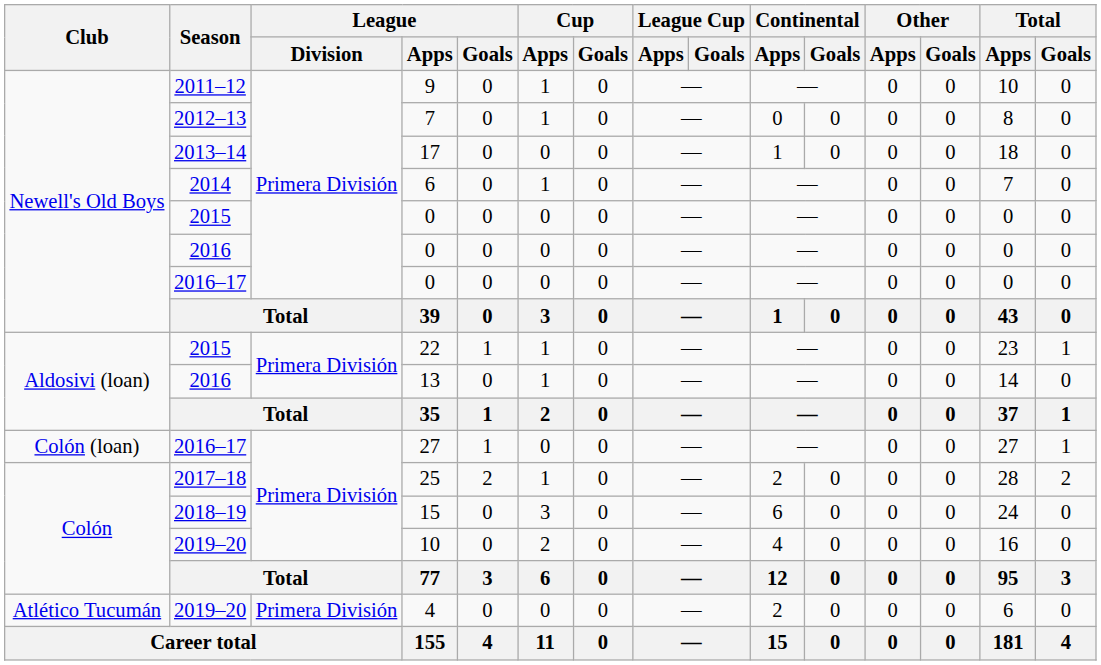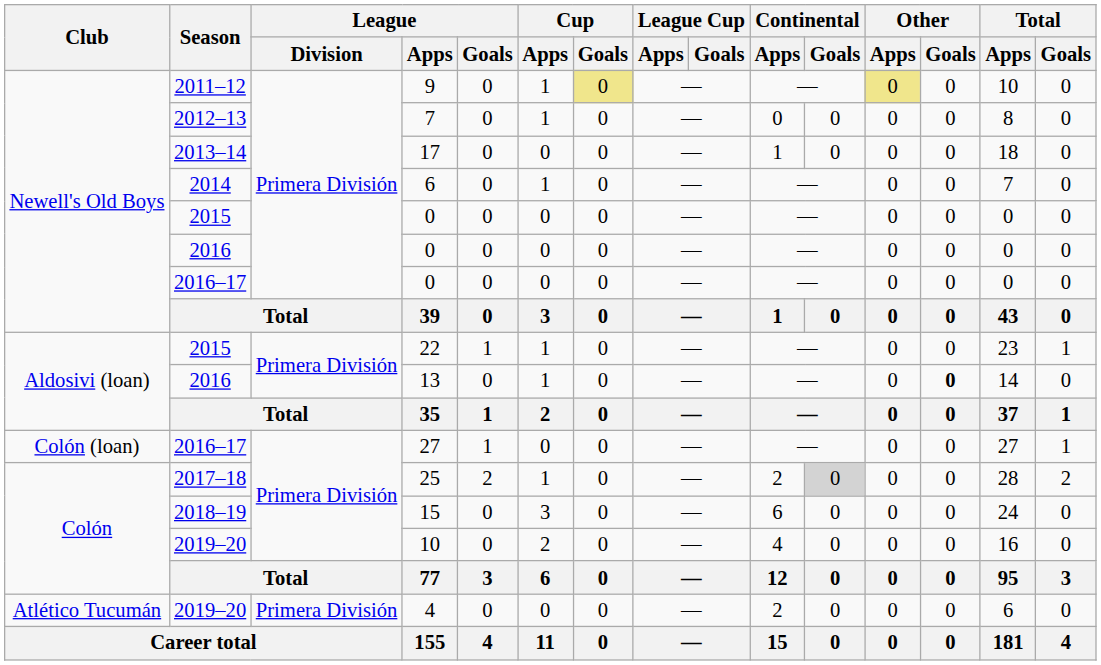 <table class="wikitable" style="text-align:center">
 <tr>
 <th rowspan="2">Club</th>
 <th rowspan="2">Season</th>
 <th colspan="3">League</th>
 <th colspan="2">Cup</th>
 <th colspan="2">League Cup</th>
 <th colspan="2">Continental</th>
 <th colspan="2">Other</th>
 <th colspan="2">Total</th>
 </tr>
 <tr>
 <th>Division</th>
 <th>Apps</th>
 <th>Goals</th>
 <th>Apps</th>
 <th>Goals</th>
 <th>Apps</th>
 <th>Goals</th>
 <th>Apps</th>
 <th>Goals</th>
 <th>Apps</th>
 <th>Goals</th>
 <th>Apps</th>
 <th>Goals</th>
 </tr>
 <tr>
 <td rowspan="8"><a href='#'>Newell's Old Boys</a></td>
 <td><a href='#'>2011–12</a></td>
 <td rowspan="7"><a href='#'>Primera División</a></td>
 <td>9</td>
 <td>0</td>
 <td>1</td>
-<td>0</td>
+<td style="background: khaki;">0</td>
 <td colspan="2">—</td>
 <td colspan="2">—</td>
-<td>0</td>
+<td style="background: khaki;">0</td>
 <td>0</td>
 <td>10</td>
 <td>0</td>
 </tr>
 <tr>
 <td><a href='#'>2012–13</a></td>
 <td>7</td>
 <td>0</td>
 <td>1</td>
 <td>0</td>
 <td colspan="2">—</td>
 <td>0</td>
 <td>0</td>
 <td>0</td>
 <td>0</td>
 <td>8</td>
 <td>0</td>
 </tr>
 <tr>
 <td><a href='#'>2013–14</a></td>
 <td>17</td>
 <td>0</td>
 <td>0</td>
 <td>0</td>
 <td colspan="2">—</td>
 <td>1</td>
 <td>0</td>
 <td>0</td>
 <td>0</td>
 <td>18</td>
 <td>0</td>
 </tr>
 <tr>
 <td><a href='#'>2014</a></td>
 <td>6</td>
 <td>0</td>
 <td>1</td>
 <td>0</td>
 <td colspan="2">—</td>
 <td colspan="2">—</td>
 <td>0</td>
 <td>0</td>
 <td>7</td>
 <td>0</td>
 </tr>
 <tr>
 <td><a href='#'>2015</a></td>
 <td>0</td>
 <td>0</td>
 <td>0</td>
 <td>0</td>
 <td colspan="2">—</td>
 <td colspan="2">—</td>
 <td>0</td>
 <td>0</td>
 <td>0</td>
 <td>0</td>
 </tr>
 <tr>
 <td><a href='#'>2016</a></td>
 <td>0</td>
 <td>0</td>
 <td>0</td>
 <td>0</td>
 <td colspan="2">—</td>
 <td colspan="2">—</td>
 <td>0</td>
 <td>0</td>
 <td>0</td>
 <td>0</td>
 </tr>
 <tr>
 <td><a href='#'>2016–17</a></td>
 <td>0</td>
 <td>0</td>
 <td>0</td>
 <td>0</td>
 <td colspan="2">—</td>
 <td colspan="2">—</td>
 <td>0</td>
 <td>0</td>
 <td>0</td>
 <td>0</td>
 </tr>
 <tr>
 <th colspan="2">Total</th>
 <th>39</th>
 <th>0</th>
 <th>3</th>
 <th>0</th>
 <th colspan="2">—</th>
 <th>1</th>
 <th>0</th>
 <th>0</th>
 <th>0</th>
 <th>43</th>
 <th>0</th>
 </tr>
 <tr>
 <td rowspan="3"><a href='#'>Aldosivi</a> (loan)</td>
 <td><a href='#'>2015</a></td>
 <td rowspan="2"><a href='#'>Primera División</a></td>
 <td>22</td>
 <td>1</td>
 <td>1</td>
 <td>0</td>
 <td colspan="2">—</td>
 <td colspan="2">—</td>
 <td>0</td>
 <td>0</td>
 <td>23</td>
 <td>1</td>
 </tr>
 <tr>
 <td><a href='#'>2016</a></td>
 <td>13</td>
 <td>0</td>
 <td>1</td>
 <td>0</td>
 <td colspan="2">—</td>
 <td colspan="2">—</td>
 <td>0</td>
-<td>0</td>
+<td><strong>0</strong></td>
 <td>14</td>
 <td>0</td>
 </tr>
 <tr>
 <th colspan="2">Total</th>
 <th>35</th>
 <th>1</th>
 <th>2</th>
 <th>0</th>
 <th colspan="2">—</th>
 <th colspan="2">—</th>
 <th>0</th>
 <th>0</th>
 <th>37</th>
 <th>1</th>
 </tr>
 <tr>
 <td rowspan="1"><a href='#'>Colón</a> (loan)</td>
 <td><a href='#'>2016–17</a></td>
 <td rowspan="4"><a href='#'>Primera División</a></td>
 <td>27</td>
 <td>1</td>
 <td>0</td>
 <td>0</td>
 <td colspan="2">—</td>
 <td colspan="2">—</td>
 <td>0</td>
 <td>0</td>
 <td>27</td>
 <td>1</td>
 </tr>
 <tr>
 <td rowspan="4"><a href='#'>Colón</a></td>
 <td><a href='#'>2017–18</a></td>
 <td>25</td>
 <td>2</td>
 <td>1</td>
 <td>0</td>
 <td colspan="2">—</td>
 <td>2</td>
-<td>0</td>
+<td style="background: lightgrey;">0</td>
 <td>0</td>
 <td>0</td>
 <td>28</td>
 <td>2</td>
 </tr>
 <tr>
 <td><a href='#'>2018–19</a></td>
 <td>15</td>
 <td>0</td>
 <td>3</td>
 <td>0</td>
 <td colspan="2">—</td>
 <td>6</td>
 <td>0</td>
 <td>0</td>
 <td>0</td>
 <td>24</td>
 <td>0</td>
 </tr>
 <tr>
 <td><a href='#'>2019–20</a></td>
 <td>10</td>
 <td>0</td>
 <td>2</td>
 <td>0</td>
 <td colspan="2">—</td>
 <td>4</td>
 <td>0</td>
 <td>0</td>
 <td>0</td>
 <td>16</td>
 <td>0</td>
 </tr>
 <tr>
 <th colspan="2">Total</th>
 <th>77</th>
 <th>3</th>
 <th>6</th>
 <th>0</th>
 <th colspan="2">—</th>
 <th>12</th>
 <th>0</th>
 <th>0</th>
 <th>0</th>
 <th>95</th>
 <th>3</th>
 </tr>
 <tr>
 <td rowspan="1"><a href='#'>Atlético Tucumán</a></td>
 <td><a href='#'>2019–20</a></td>
 <td rowspan="1"><a href='#'>Primera División</a></td>
 <td>4</td>
 <td>0</td>
 <td>0</td>
 <td>0</td>
 <td colspan="2">—</td>
 <td>2</td>
 <td>0</td>
 <td>0</td>
 <td>0</td>
 <td>6</td>
 <td>0</td>
 </tr>
 <tr>
 <th colspan="3">Career total</th>
 <th>155</th>
 <th>4</th>
 <th>11</th>
 <th>0</th>
 <th colspan="2">—</th>
 <th>15</th>
 <th>0</th>
 <th>0</th>
 <th>0</th>
 <th>181</th>
 <th>4</th>
 </tr>
 </table>
